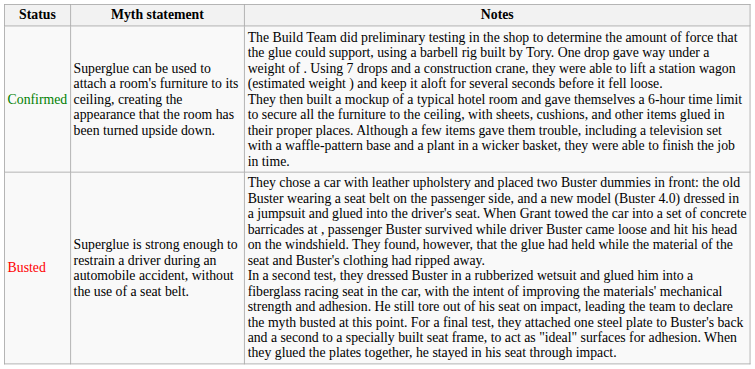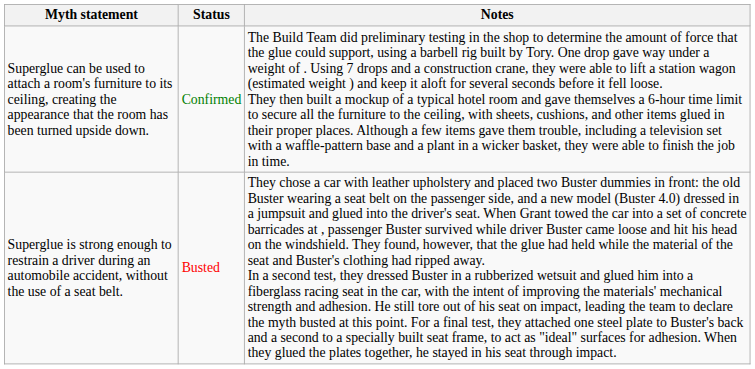 <table class="wikitable plainrowheaders">
 <tr>
+<th>Myth statement</th>
 <th>Status</th>
-<th>Myth statement</th>
 <th>Notes</th>
 </tr>
 <tr>
+<td>Superglue can be used to attach a room's furniture to its ceiling, creating the appearance that the room has been turned upside down.</td>
 <td style="color:green">Confirmed</td>
-<td>Superglue can be used to attach a room's furniture to its ceiling, creating the appearance that the room has been turned upside down.</td>
 <td>The Build Team did preliminary testing in the shop to determine the amount of force that the glue could support, using a barbell rig built by Tory. One drop gave way under a weight of . Using 7 drops and a construction crane, they were able to lift a station wagon (estimated weight ) and keep it aloft for several seconds before it fell loose.<br>They then built a mockup of a typical hotel room and gave themselves a 6-hour time limit to secure all the furniture to the ceiling, with sheets, cushions, and other items glued in their proper places. Although a few items gave them trouble, including a television set with a waffle-pattern base and a plant in a wicker basket, they were able to finish the job in time.</td>
 </tr>
 <tr>
+<td>Superglue is strong enough to restrain a driver during an automobile accident, without the use of a seat belt.</td>
 <td style="color:red">Busted</td>
-<td>Superglue is strong enough to restrain a driver during an automobile accident, without the use of a seat belt.</td>
 <td>They chose a car with leather upholstery and placed two Buster dummies in front: the old Buster wearing a seat belt on the passenger side, and a new model (Buster 4.0) dressed in a jumpsuit and glued into the driver's seat. When Grant towed the car into a set of concrete barricades at , passenger Buster survived while driver Buster came loose and hit his head on the windshield. They found, however, that the glue had held while the material of the seat and Buster's clothing had ripped away.<br>In a second test, they dressed Buster in a rubberized wetsuit and glued him into a fiberglass racing seat in the car, with the intent of improving the materials' mechanical strength and adhesion. He still tore out of his seat on impact, leading the team to declare the myth busted at this point. For a final test, they attached one steel plate to Buster's back and a second to a specially built seat frame, to act as "ideal" surfaces for adhesion. When they glued the plates together, he stayed in his seat through impact.</td>
 </tr>
 </table>
